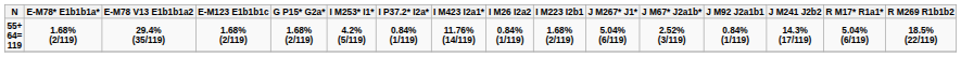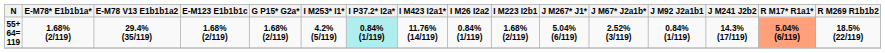 <table class="wikitable sortable" style="text-align:center; font-size: 70%;">
 <tr>
 <th>N</th>
 <th>E-M78* E1b1b1a*</th>
 <th>E-M78 V13 E1b1b1a2</th>
 <th>E-M123 E1b1b1c</th>
 <th>G P15* G2a*</th>
 <th>I M253* I1*</th>
 <th>I P37.2* I2a*</th>
 <th>I M423 I2a1*</th>
 <th>I M26 I2a2</th>
 <th>I M223 I2b1</th>
 <th>J M267* J1*</th>
 <th>J M67* J2a1b*</th>
 <th>J M92 J2a1b1</th>
 <th>J M241 J2b2</th>
 <th>R M17* R1a1*</th>
 <th>R M269 R1b1b2</th>
 </tr>
 <tr>
 <td><strong>55+<br>64=<br>119</strong></td>
 <td><strong>1.68%<br>(2/119)</strong></td>
 <td><strong>29.4%<br>(35/119)</strong></td>
 <td><strong>1.68%<br>(2/119)</strong></td>
 <td><strong>1.68%<br>(2/119)</strong></td>
 <td><strong>4.2%<br>(5/119)</strong></td>
-<td><strong>0.84%<br>(1/119)</strong></td>
+<td style="background: paleturquoise;"><strong>0.84%<br>(1/119)</strong></td>
 <td><strong>11.76%<br>(14/119)</strong></td>
 <td><strong>0.84%<br>(1/119)</strong></td>
 <td><strong>1.68%<br>(2/119)</strong></td>
 <td><strong>5.04%<br>(6/119)</strong></td>
 <td><strong>2.52%<br>(3/119)</strong></td>
 <td><strong>0.84%<br>(1/119)</strong></td>
 <td><strong>14.3%<br>(17/119)</strong></td>
-<td><strong>5.04%<br>(6/119)</strong></td>
+<td style="background: lightsalmon;"><strong>5.04%<br>(6/119)</strong></td>
 <td><strong>18.5%<br>(22/119)</strong></td>
 </tr>
 <tr>
 </tr>
 </table>
